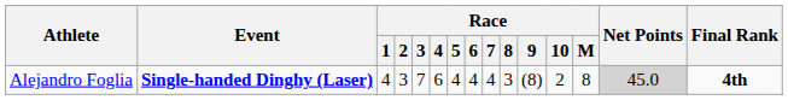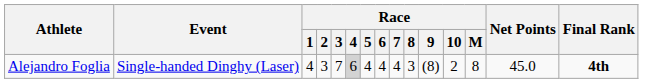 <table class="wikitable" border="1" style="font-size:90%">
 <tr>
 <th rowspan=2>Athlete</th>
 <th rowspan=2>Event</th>
 <th colspan=11>Race</th>
 <th rowspan=2>Net Points</th>
 <th rowspan=2>Final Rank</th>
 </tr>
 <tr>
 <th>1</th>
 <th>2</th>
 <th>3</th>
 <th>4</th>
 <th>5</th>
 <th>6</th>
 <th>7</th>
 <th>8</th>
 <th>9</th>
 <th>10</th>
 <th>M</th>
 </tr>
 <tr align=center>
 <td align=left><a href='#'>Alejandro Foglia</a></td>
-<td align=left><strong><a href='#'>Single-handed Dinghy (Laser)</a></strong></td>
+<td align=left><a href='#'>Single-handed Dinghy (Laser)</a></td>
 <td>4</td>
 <td>3</td>
 <td>7</td>
-<td>6</td>
+<td style="background: lightgrey;">6</td>
 <td>4</td>
 <td>4</td>
 <td>4</td>
 <td>3</td>
 <td>(8)</td>
 <td>2</td>
 <td>8</td>
-<td style="background: lightgrey;">45.0</td>
+<td>45.0</td>
 <td><strong>4th</strong></td>
 </tr>
 </table>
